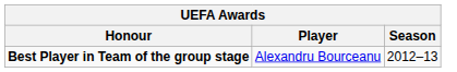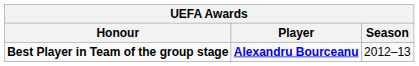 <table class="wikitable" align=center>
 <tr>
 <th Colspan=3>UEFA Awards</th>
 </tr>
 <tr>
 <th Align=Left>Honour</th>
 <th Align=Left>Player</th>
 <th Align=Left>Season</th>
 </tr>
 <tr>
 <td valign="top" Rowspan=1 Align=left><strong>Best Player in Team of the group stage</strong></td>
-<td><a href='#'>Alexandru Bourceanu</a></td>
+<td><strong><a href='#'>Alexandru Bourceanu</a></strong></td>
 <td class="wikitable" align=center>2012–13</td>
 </tr>
 </table>
